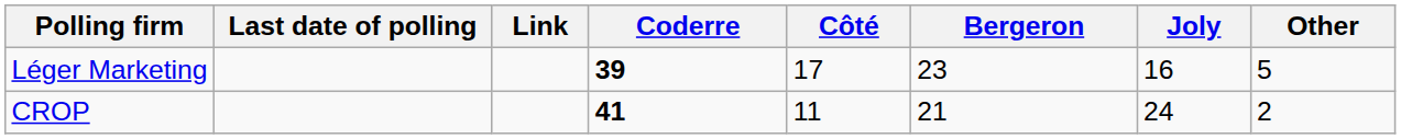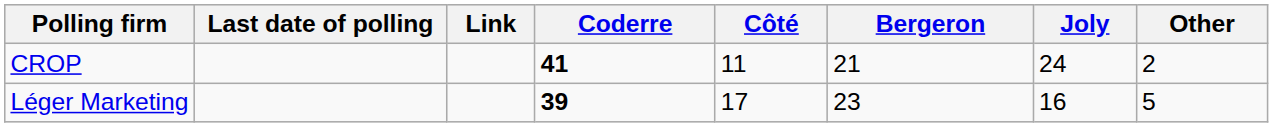 <table class="wikitable sortable">
 <tr style="background:#e9e9e9;">
 <th width=15%>Polling firm</th>
 <th width=20%>Last date of polling</th>
 <th style="width:7%;" class="unsortable">Link</th>
 <th style="background-color:"><strong><a href='#'>Coderre</a></strong></th>
 <th style="background-color:"><strong><a href='#'>Côté</a></strong></th>
 <th style="background-color:"><strong><a href='#'><span>Bergeron</span></a></strong></th>
 <th style="background-color:"><strong><a href='#'>Joly</a></strong></th>
 <th style="background-color:"><strong>Other</strong></th>
 </tr>
 <tr>
+<td><a href='#'>CROP</a></td>
+<td></td>
+<td> </td>
+<td><strong>41</strong></td>
+<td>11</td>
+<td>21</td>
+<td>24</td>
+<td>2</td>
+</tr>
+<tr>
 <td><a href='#'>Léger Marketing</a></td>
 <td></td>
 <td></td>
 <td><strong>39</strong></td>
 <td>17</td>
 <td>23</td>
 <td>16</td>
 <td>5</td>
 </tr>
-<tr>
-<td><a href='#'>CROP</a></td>
-<td></td>
-<td> </td>
-<td><strong>41</strong></td>
-<td>11</td>
-<td>21</td>
-<td>24</td>
-<td>2</td>
-</tr>
 </table>
